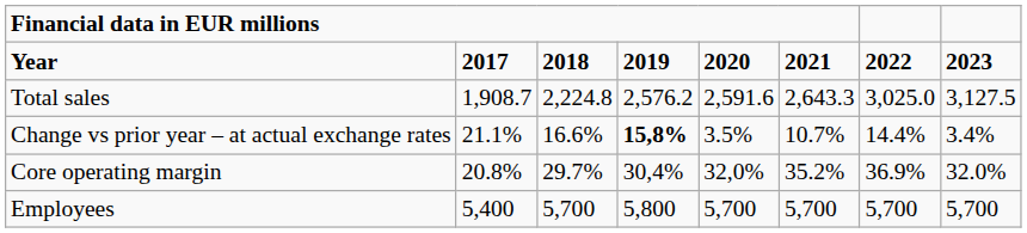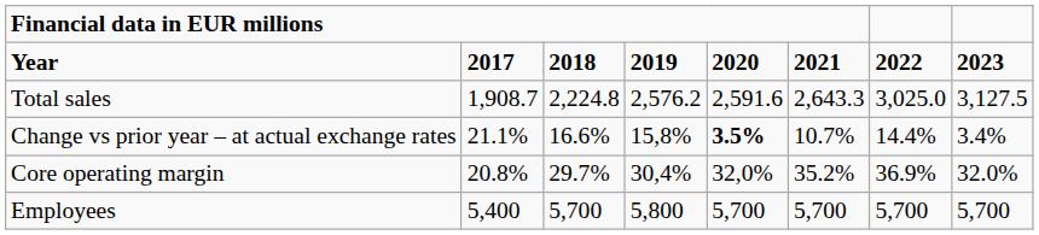 <table class="wikitable">
 <tr>
 <td colspan="6"><strong>Financial data in EUR millions</strong></td>
 <td></td>
 <td></td>
 </tr>
 <tr>
 <td><strong>Year</strong></td>
 <td><strong>2017</strong></td>
 <td><strong>2018</strong></td>
 <td><strong>2019</strong></td>
 <td><strong>2020</strong></td>
 <td><strong>2021</strong></td>
 <td><strong>2022</strong></td>
 <td><strong>2023</strong></td>
 </tr>
 <tr>
 <td>Total sales</td>
 <td>1,908.7</td>
 <td>2,224.8</td>
 <td>2,576.2</td>
 <td>2,591.6</td>
 <td>2,643.3</td>
 <td>3,025.0</td>
 <td>3,127.5</td>
 </tr>
 <tr>
 <td>Change vs prior year – at actual exchange rates</td>
 <td>21.1%</td>
 <td>16.6%</td>
-<td><strong>15,8%</strong></td>
-<td>3.5%</td>
+<td>15,8%</td>
+<td><strong>3.5%</strong></td>
 <td>10.7%</td>
 <td>14.4%</td>
 <td>3.4%</td>
 </tr>
 <tr>
 <td>Core operating margin</td>
 <td>20.8%</td>
 <td>29.7%</td>
 <td>30,4%</td>
 <td>32,0%</td>
 <td>35.2%</td>
 <td>36.9%</td>
 <td>32.0%</td>
 </tr>
 <tr>
 <td>Employees</td>
 <td>5,400</td>
 <td>5,700</td>
 <td>5,800</td>
 <td>5,700</td>
 <td>5,700</td>
 <td>5,700</td>
 <td>5,700</td>
 </tr>
 </table>
